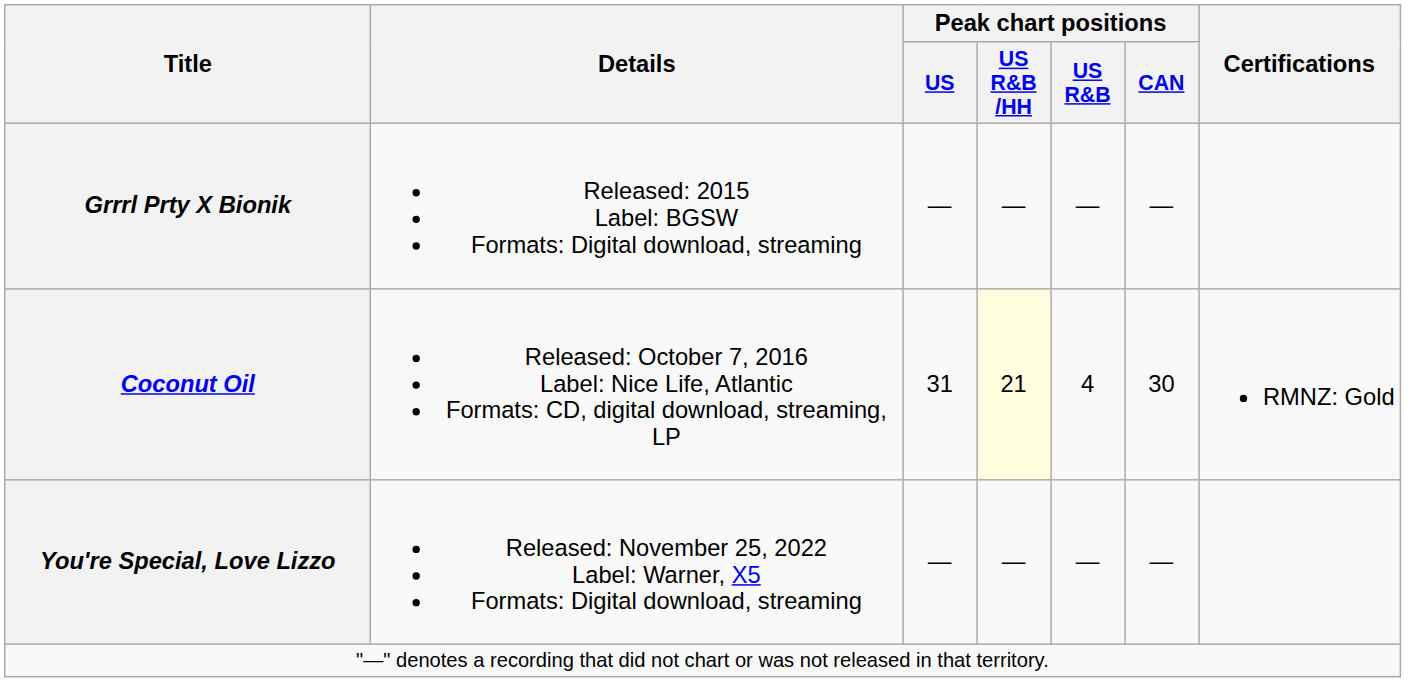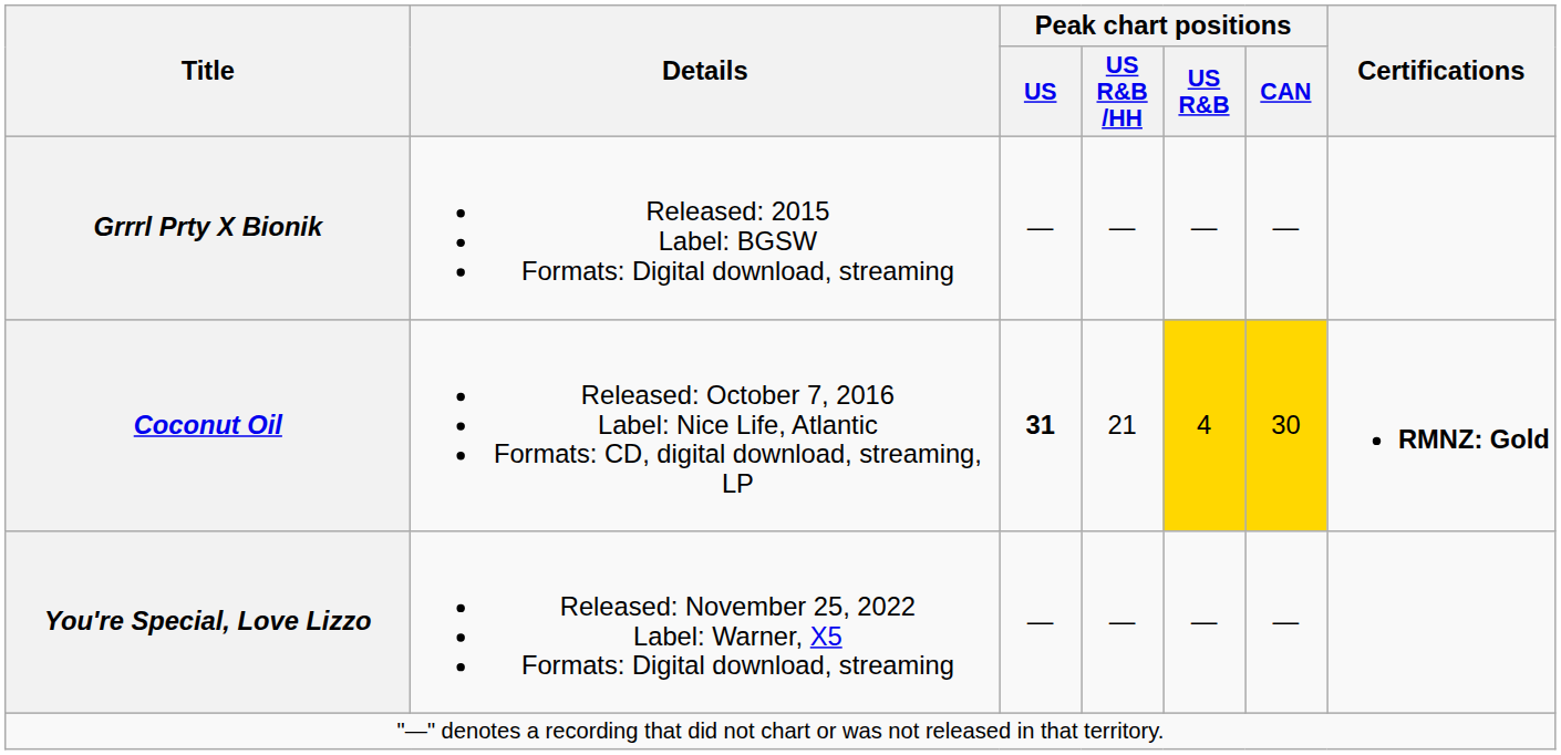 <table class="wikitable plainrowheaders" style="text-align:center;">
 <tr>
 <th scope="col" rowspan="2" style="width:15em;">Title</th>
 <th scope="col" rowspan="2" style="width:22em;">Details</th>
 <th scope="col" colspan="4">Peak chart positions</th>
 <th scope="col" rowspan="2">Certifications</th>
 </tr>
 <tr>
 <th scope="col" style="width:3em;font-size:90%;"><a href='#'>US</a><br></th>
 <th scope="col" style="width:3em;font-size:90%;"><a href='#'>US<br>R&B<br>/HH</a><br></th>
 <th scope="col" style="width:3em;font-size:90%;"><a href='#'>US<br>R&B</a><br></th>
 <th scope="col" style="width:3em;font-size:90%;"><a href='#'>CAN</a><br></th>
 </tr>
 <tr>
 <th scope="row"><em>Grrrl Prty X Bionik</em></th>
 <td><br><ul><li>Released: 2015</li><li>Label: BGSW</li><li>Formats: Digital download, streaming</li></ul></td>
 <td>—</td>
 <td>—</td>
 <td>—</td>
 <td>—</td>
 <td></td>
 </tr>
 <tr>
 <th scope="row"><em><a href='#'>Coconut Oil</a></em></th>
 <td><br><ul><li>Released: October 7, 2016</li><li>Label: Nice Life, Atlantic</li><li>Formats: CD, digital download, streaming, LP</li></ul></td>
-<td>31</td>
-<td style="background: lightyellow;">21</td>
-<td>4</td>
-<td>30</td>
-<td><br><ul><li>RMNZ: Gold</li></ul></td>
+<td><strong>31</strong></td>
+<td>21</td>
+<td style="background: gold;">4</td>
+<td style="background: gold;">30</td>
+<td><strong><br><ul><li>RMNZ: Gold</li></ul></strong></td>
 </tr>
 <tr>
 <th scope="row"><em>You're Special, Love Lizzo</em></th>
 <td><br><ul><li>Released: November 25, 2022</li><li>Label: Warner, <a href='#'>X5</a></li><li>Formats: Digital download, streaming</li></ul></td>
 <td>—</td>
 <td>—</td>
 <td>—</td>
 <td>—</td>
 <td></td>
 </tr>
 <tr>
 <td colspan="14" style="font-size:85%">"—" denotes a recording that did not chart or was not released in that territory.</td>
 </tr>
 </table>
